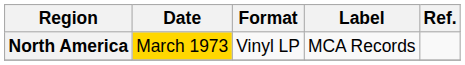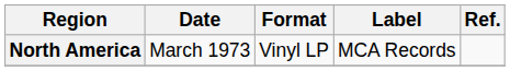 <table class="wikitable plainrowheaders">
 <tr>
 <th scope="col">Region</th>
 <th scope="col">Date</th>
 <th scope="col">Format</th>
 <th scope="col">Label</th>
 <th scope="col">Ref.</th>
 </tr>
 <tr>
 <th scope="row">North America</th>
-<td style="background: gold;">March 1973</td>
+<td>March 1973</td>
 <td>Vinyl LP</td>
 <td>MCA Records</td>
 <td></td>
 </tr>
 <tr>
 </tr>
 </table>
